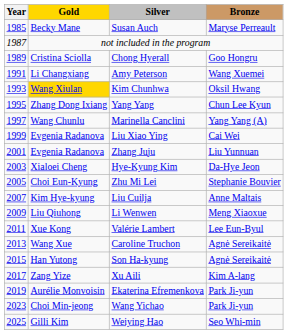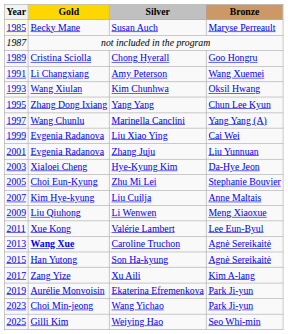 <table class="wikitable">
 <tr>
 <th>Year</th>
 <td align=center bgcolor=gold><strong>Gold</strong></td>
 <td align=center bgcolor=silver><strong>Silver</strong></td>
 <td align=center bgcolor=cc9966><strong>Bronze</strong></td>
 </tr>
 <tr>
-<td><a href='#'>1985</a></td>
+<td style="background: lightyellow;"><a href='#'>1985</a></td>
 <td> <a href='#'>Becky Mane</a></td>
 <td> <a href='#'>Susan Auch</a></td>
 <td> <a href='#'>Maryse Perreault</a></td>
 </tr>
 <tr>
 <td><em>1987</em></td>
 <td colspan=3 align=center><em>not included in the program</em></td>
 </tr>
 <tr>
 <td><a href='#'>1989</a></td>
 <td> <a href='#'>Cristina Sciolla</a></td>
 <td> <a href='#'>Chong Hyerall</a></td>
 <td> <a href='#'>Goo Hongru</a></td>
 </tr>
 <tr>
 <td><a href='#'>1991</a></td>
 <td> <a href='#'>Li Changxiang</a></td>
 <td> <a href='#'>Amy Peterson</a></td>
 <td> <a href='#'>Wang Xuemei</a></td>
 </tr>
 <tr>
 <td><a href='#'>1993</a></td>
-<td style="background: gold;"> <a href='#'>Wang Xiulan</a></td>
+<td> <a href='#'>Wang Xiulan</a></td>
 <td> <a href='#'>Kim Chunhwa</a></td>
 <td> <a href='#'>Oksil Hwang</a></td>
 </tr>
 <tr>
 <td><a href='#'>1995</a></td>
 <td> <a href='#'>Zhang Dong Ixiang</a></td>
 <td> <a href='#'>Yang Yang</a></td>
 <td> <a href='#'>Chun Lee Kyun</a></td>
 </tr>
 <tr>
 <td><a href='#'>1997</a></td>
 <td> <a href='#'>Wang Chunlu</a></td>
 <td> <a href='#'>Marinella Canclini</a></td>
 <td> <a href='#'>Yang Yang (A)</a></td>
 </tr>
 <tr>
 <td><a href='#'>1999</a></td>
 <td> <a href='#'>Evgenia Radanova</a></td>
 <td> <a href='#'>Liu Xiao Ying</a></td>
 <td> <a href='#'>Cai Wei</a></td>
 </tr>
 <tr>
 <td><a href='#'>2001</a></td>
 <td> <a href='#'>Evgenia Radanova</a></td>
 <td> <a href='#'>Zhang Juju</a></td>
 <td> <a href='#'>Liu Yunnuan</a></td>
 </tr>
 <tr>
 <td><a href='#'>2003</a></td>
 <td> <a href='#'>Xialoei Cheng</a></td>
 <td> <a href='#'>Hye-Kyung Kim</a></td>
 <td> <a href='#'>Da-Hye Jeon</a></td>
 </tr>
 <tr>
 <td><a href='#'>2005</a></td>
 <td> <a href='#'>Choi Eun-Kyung</a></td>
 <td> <a href='#'>Zhu Mi Lei</a></td>
 <td> <a href='#'>Stephanie Bouvier</a></td>
 </tr>
 <tr>
 <td><a href='#'>2007</a></td>
 <td> <a href='#'>Kim Hye-kyung</a></td>
 <td> <a href='#'>Liu Cuilja</a></td>
 <td> <a href='#'>Anne Maltais</a></td>
 </tr>
 <tr>
 <td><a href='#'>2009</a></td>
 <td> <a href='#'>Liu Qiuhong</a></td>
 <td> <a href='#'>Li Wenwen</a></td>
 <td> <a href='#'>Meng Xiaoxue</a></td>
 </tr>
 <tr>
 <td><a href='#'>2011</a></td>
 <td> <a href='#'>Xue Kong</a></td>
 <td> <a href='#'>Valérie Lambert</a></td>
 <td> <a href='#'>Lee Eun-Byul</a></td>
 </tr>
 <tr>
 <td><a href='#'>2013</a></td>
-<td> <a href='#'>Wang Xue</a></td>
+<td><strong> <a href='#'>Wang Xue</a></strong></td>
 <td> <a href='#'>Caroline Truchon</a></td>
 <td> <a href='#'>Agnė Sereikaitė</a></td>
 </tr>
 <tr>
 <td><a href='#'>2015</a></td>
 <td> <a href='#'>Han Yutong</a></td>
 <td> <a href='#'>Son Ha-kyung</a></td>
 <td> <a href='#'>Agnė Sereikaitė</a></td>
 </tr>
 <tr>
 <td><a href='#'>2017</a></td>
 <td> <a href='#'>Zang Yize</a></td>
 <td> <a href='#'>Xu Aili</a></td>
 <td> <a href='#'>Kim A-lang</a></td>
 </tr>
 <tr>
 <td><a href='#'>2019</a></td>
 <td> <a href='#'>Aurélie Monvoisin</a></td>
 <td> <a href='#'>Ekaterina Efremenkova</a></td>
 <td> <a href='#'>Park Ji-yun</a></td>
 </tr>
 <tr>
 <td><a href='#'>2023</a></td>
 <td> <a href='#'>Choi Min-jeong</a></td>
 <td> <a href='#'>Wang Yichao</a></td>
 <td> <a href='#'>Park Ji-yun</a></td>
 </tr>
 <tr>
 <td><a href='#'>2025</a></td>
 <td> <a href='#'>Gilli Kim</a></td>
 <td> <a href='#'>Weiying Hao</a></td>
 <td> <a href='#'>Seo Whi-min</a></td>
 </tr>
 </table>
